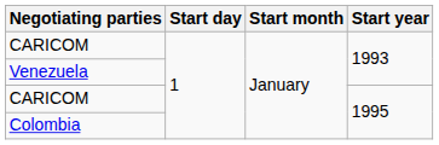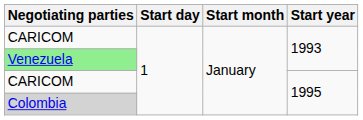 <table class="wikitable">
 <tr>
 <th>Negotiating parties</th>
 <th>Start day</th>
 <th>Start month</th>
 <th>Start year</th>
 </tr>
 <tr>
 <td>CARICOM</td>
 <td rowspan=4>1</td>
 <td rowspan=4>January</td>
 <td rowspan=2>1993</td>
 </tr>
 <tr>
-<td><a href='#'>Venezuela</a></td>
+<td style="background: lightgreen;"><a href='#'>Venezuela</a></td>
 </tr>
 <tr>
 <td>CARICOM</td>
 <td rowspan=2>1995</td>
 </tr>
 <tr>
-<td><a href='#'>Colombia</a></td>
+<td style="background: lightgrey;"><a href='#'>Colombia</a></td>
 </tr>
 </table>
